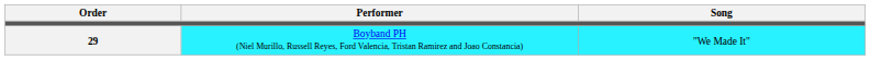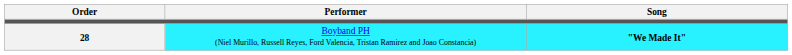 <table class="wikitable" style="text-align:center; line-height:17px; width:100%; font-size: 95%;">
 <tr>
 <th style="width:08%;">Order</th>
 <th style="width:18%;">Performer</th>
 <th style="width:13%;">Song</th>
 </tr>
 <tr>
 <td colspan="3" style="background:#555;"></td>
 </tr>
 <tr>
-<th>29</th>
+<th>28</th>
 <td style="background:#28f2ff;"><a href='#'>Boyband PH</a> <br> <small>(Niel Murillo, Russell Reyes, Ford Valencia, Tristan Ramirez and Joao Constancia)</small></td>
-<td style="background:#28f2ff;">"We Made It"</td>
+<td style="background:#28f2ff;"><strong>"We Made It"</strong></td>
 </tr>
 </table>
